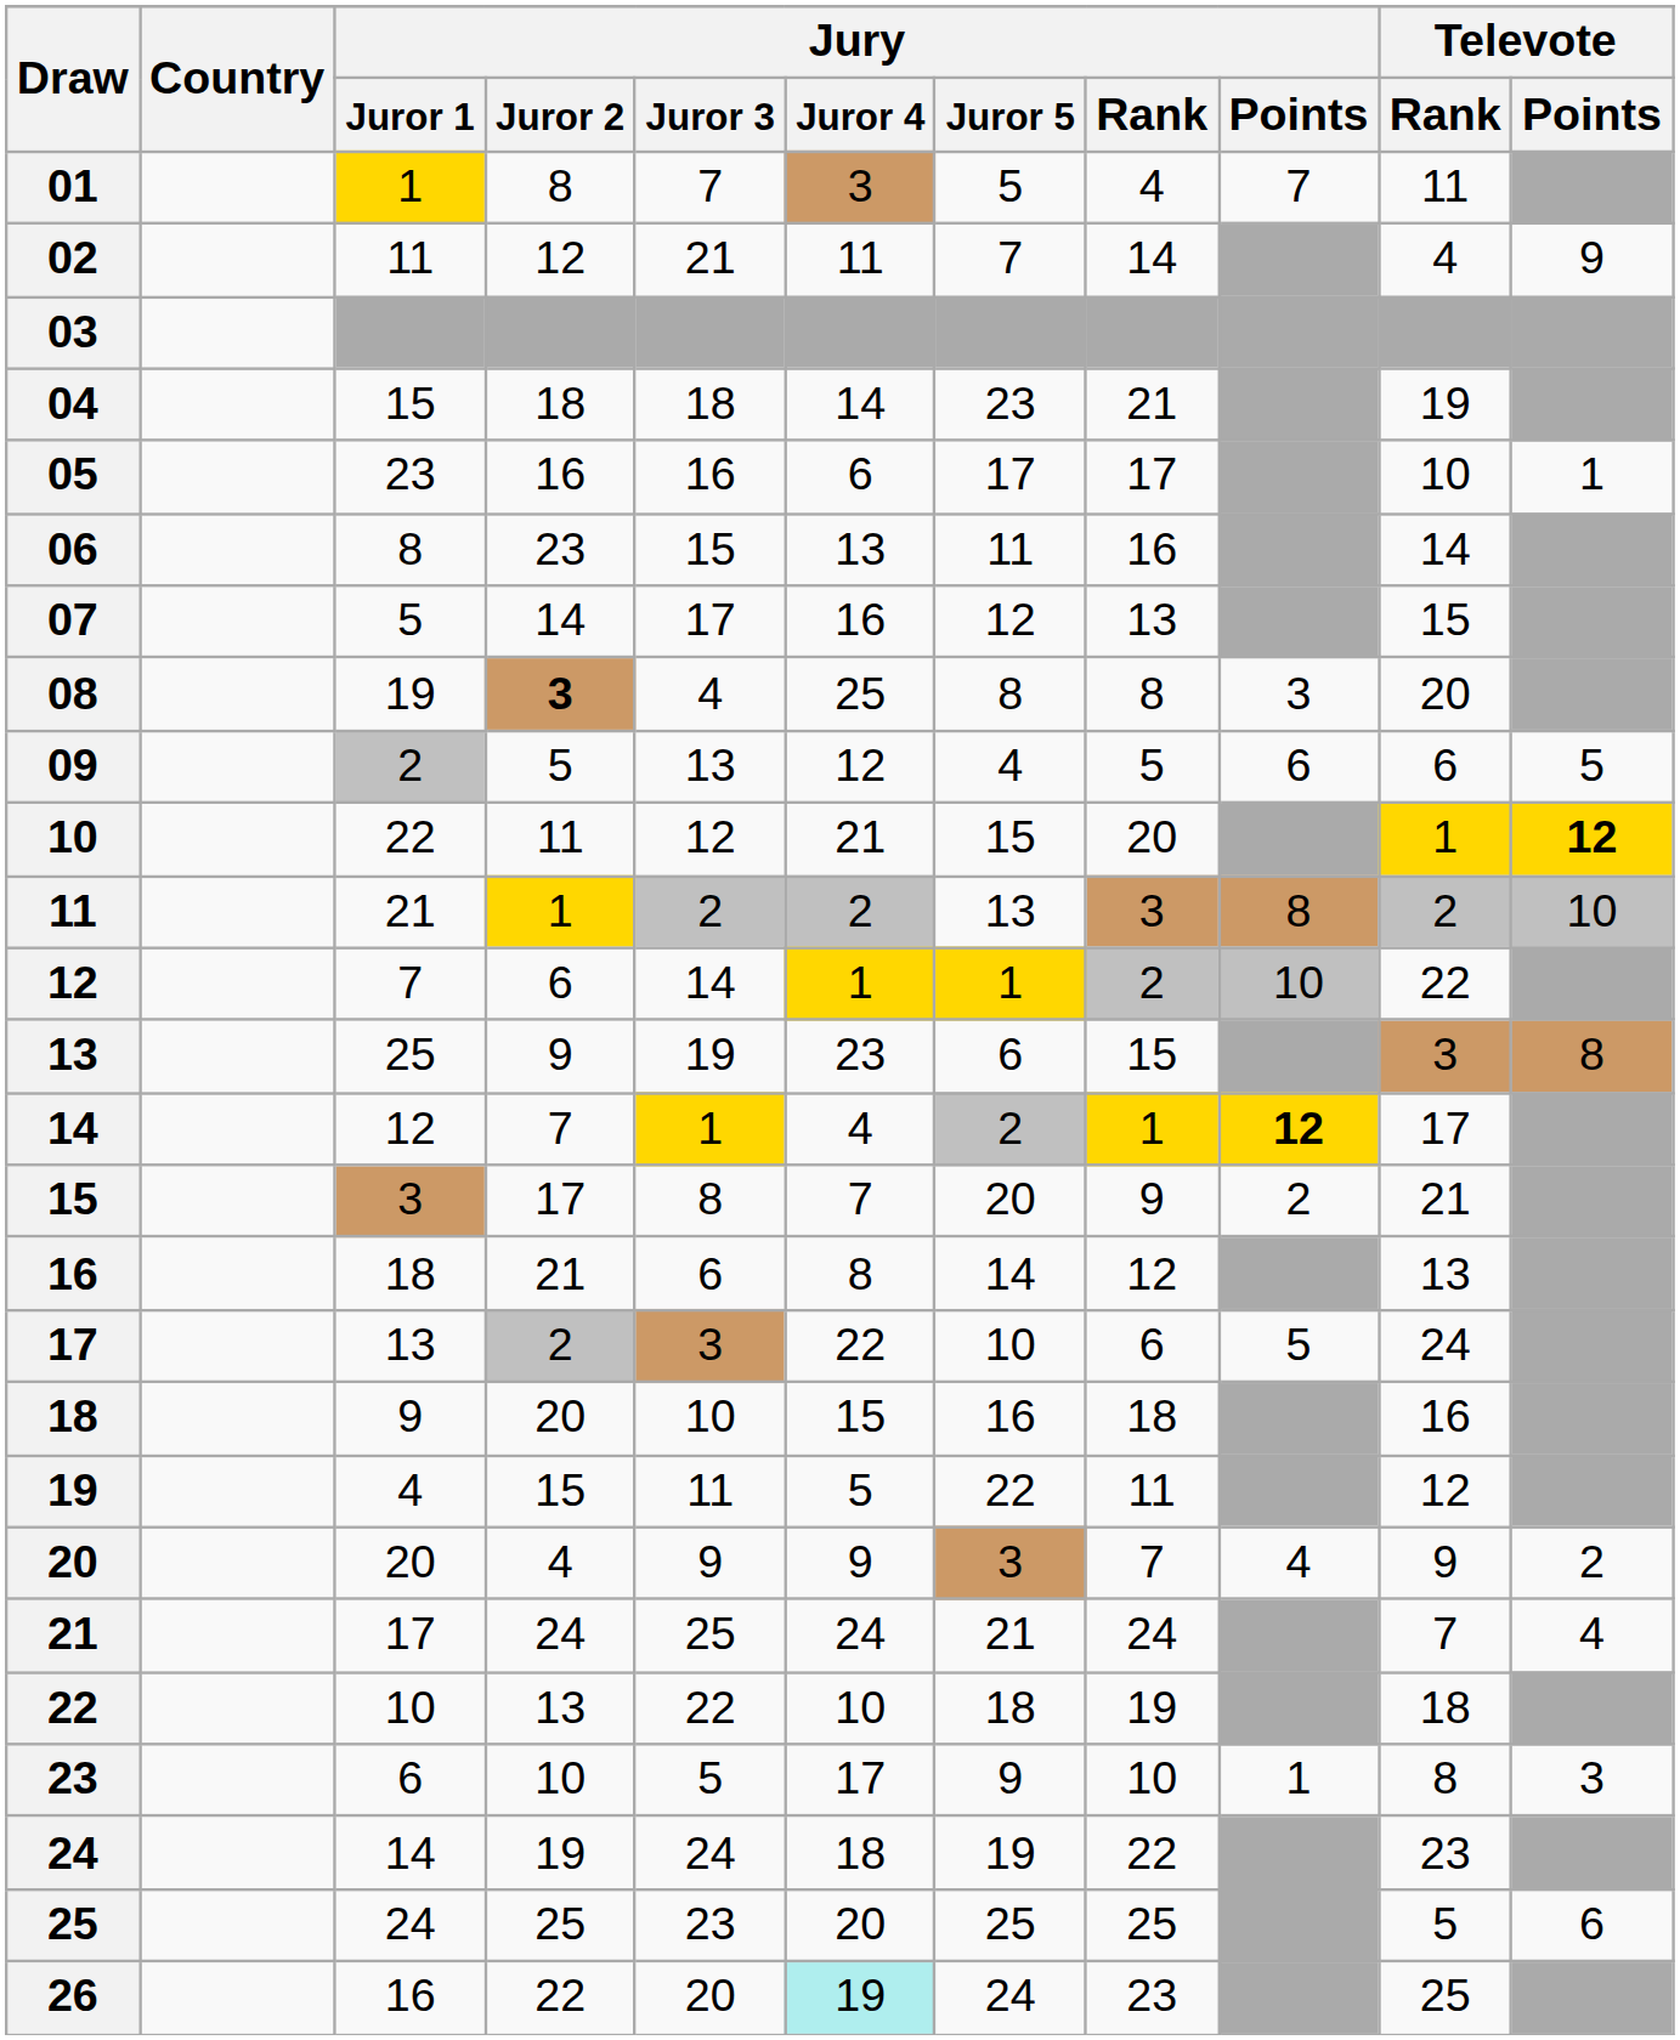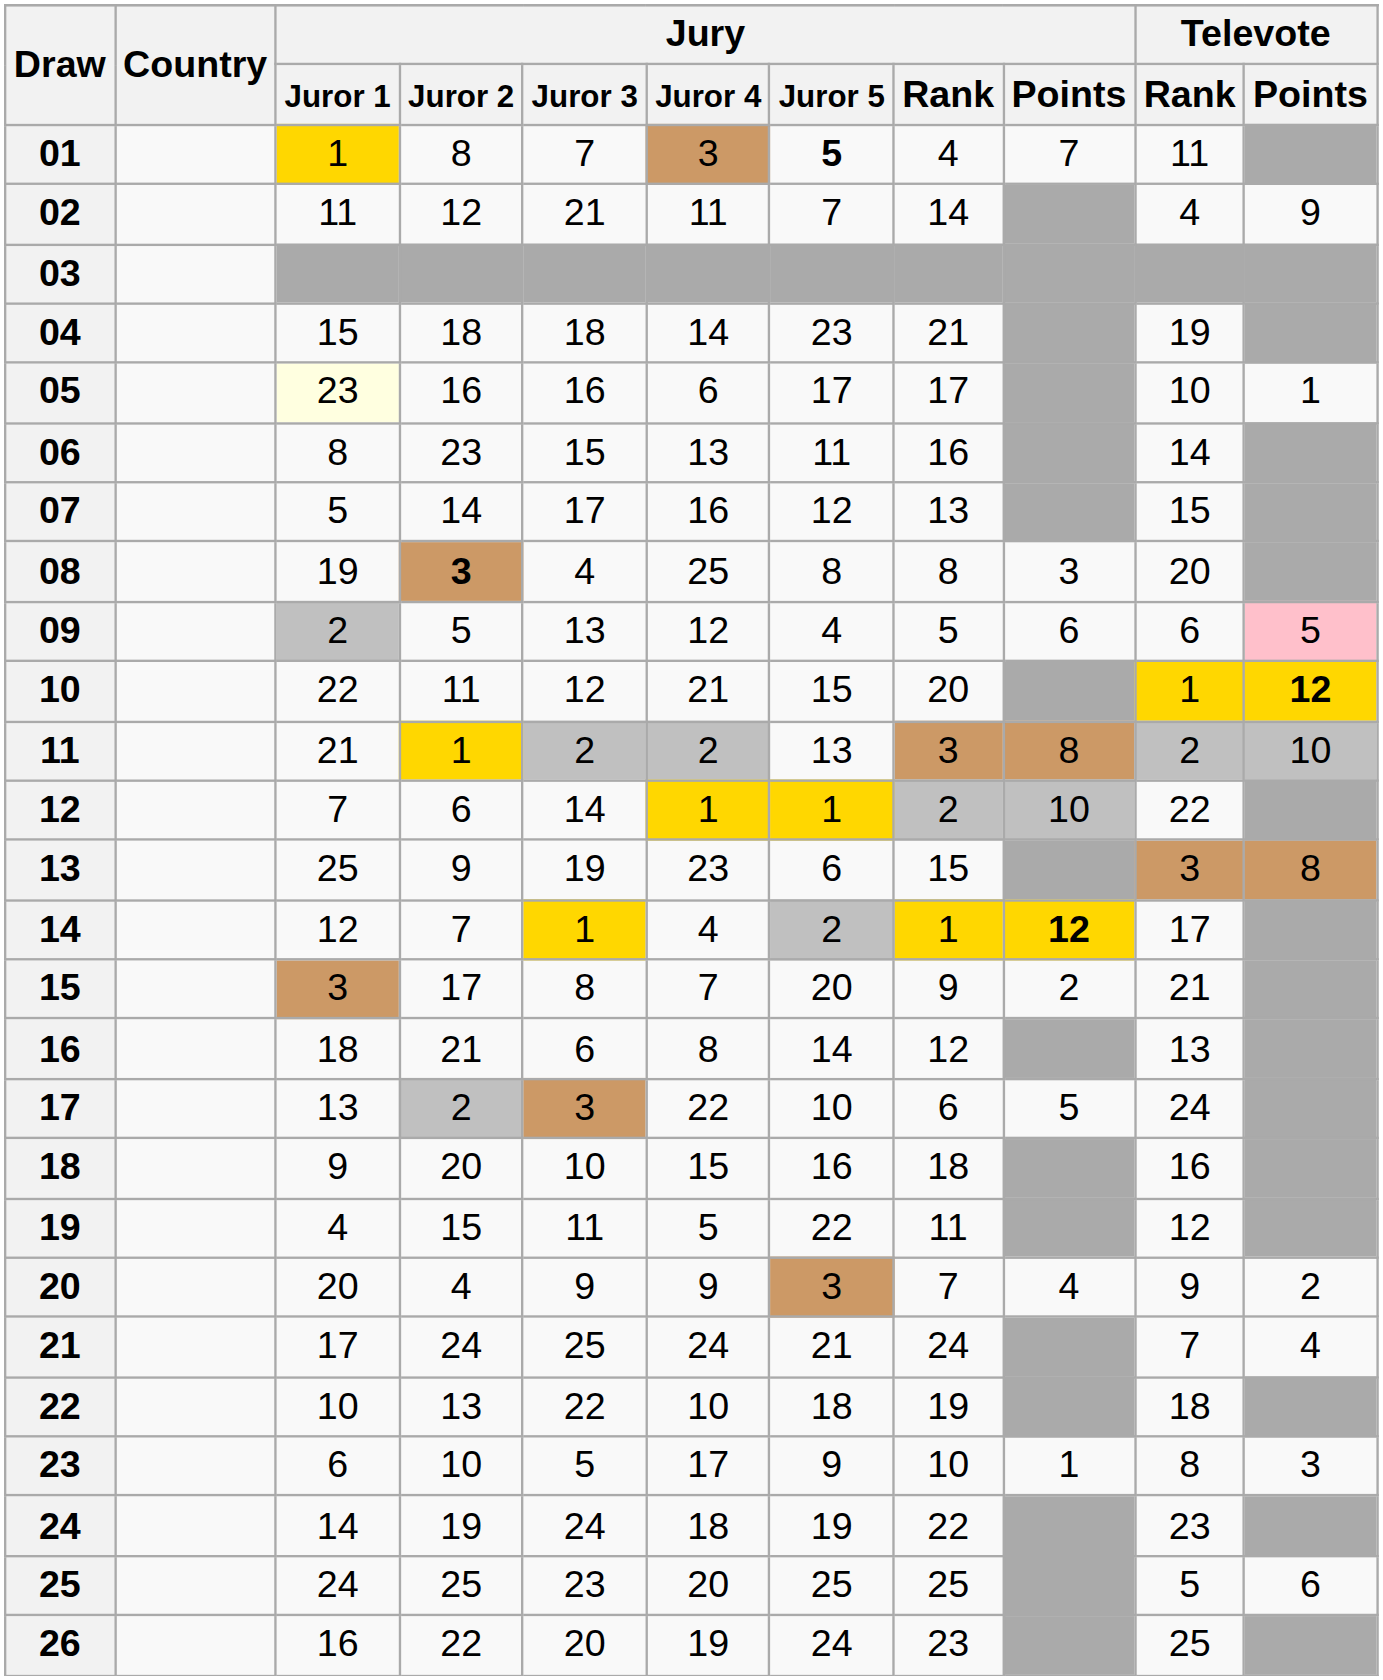 <table class="sortable wikitable collapsible plainrowheaders" style="text-align:center;">
 <tr>
 </tr>
 <tr>
 <th scope="col" rowspan="2">Draw</th>
 <th scope="col" rowspan="2">Country</th>
 <th scope="col" colspan="7">Jury</th>
 <th scope="col" colspan="2">Televote</th>
 </tr>
 <tr>
 <th scope="col"><small>Juror 1</small></th>
 <th scope="col"><small>Juror 2</small></th>
 <th scope="col"><small>Juror 3</small></th>
 <th scope="col"><small>Juror 4</small></th>
 <th scope="col"><small>Juror 5</small></th>
 <th scope="col">Rank</th>
 <th scope="col">Points</th>
 <th scope="col">Rank</th>
 <th scope="col">Points</th>
 </tr>
 <tr>
 <th scope="row" style="text-align:center;">01</th>
 <td style="text-align:left;"></td>
 <td style="background:gold;">1</td>
 <td>8</td>
 <td>7</td>
 <td style="background:#CC9966;">3</td>
-<td>5</td>
+<td><strong>5</strong></td>
 <td>4</td>
 <td>7</td>
 <td>11</td>
 <td style="background:#AAAAAA;"></td>
 </tr>
 <tr>
 <th scope="row" style="text-align:center;">02</th>
 <td style="text-align:left;"></td>
 <td>11</td>
 <td>12</td>
 <td>21</td>
 <td>11</td>
 <td>7</td>
 <td>14</td>
 <td style="background:#AAAAAA;"></td>
 <td>4</td>
 <td>9</td>
 </tr>
 <tr class="sortbottom">
 <th scope="row" style="text-align:center;">03</th>
 <td style="text-align:left;"></td>
 <td style="background:#AAAAAA;"></td>
 <td style="background:#AAAAAA;"></td>
 <td style="background:#AAAAAA;"></td>
 <td style="background:#AAAAAA;"></td>
 <td style="background:#AAAAAA;"></td>
 <td style="background:#AAAAAA;"></td>
 <td style="background:#AAAAAA;"></td>
 <td style="background:#AAAAAA;"></td>
 <td style="background:#AAAAAA;"></td>
 </tr>
 <tr>
 <th scope="row" style="text-align:center;">04</th>
 <td style="text-align:left;"></td>
 <td>15</td>
 <td>18</td>
 <td>18</td>
 <td>14</td>
 <td>23</td>
 <td>21</td>
 <td style="background:#AAAAAA;"></td>
 <td>19</td>
 <td style="background:#AAAAAA;"></td>
 </tr>
 <tr>
 <th scope="row" style="text-align:center;">05</th>
 <td style="text-align:left;"></td>
-<td>23</td>
+<td style="background: lightyellow;">23</td>
 <td>16</td>
 <td>16</td>
 <td>6</td>
 <td>17</td>
 <td>17</td>
 <td style="background:#AAAAAA;"></td>
 <td>10</td>
 <td>1</td>
 </tr>
 <tr>
 <th scope="row" style="text-align:center;">06</th>
 <td style="text-align:left;"></td>
 <td>8</td>
 <td>23</td>
 <td>15</td>
 <td>13</td>
 <td>11</td>
 <td>16</td>
 <td style="background:#AAAAAA;"></td>
 <td>14</td>
 <td style="background:#AAAAAA;"></td>
 </tr>
 <tr>
 <th scope="row" style="text-align:center;">07</th>
 <td style="text-align:left;"></td>
 <td>5</td>
 <td>14</td>
 <td>17</td>
 <td>16</td>
 <td>12</td>
 <td>13</td>
 <td style="background:#AAAAAA;"></td>
 <td>15</td>
 <td style="background:#AAAAAA;"></td>
 </tr>
 <tr>
 <th scope="row" style="text-align:center;">08</th>
 <td style="text-align:left;"></td>
 <td>19</td>
 <td style="background:#CC9966;"><strong>3</strong></td>
 <td>4</td>
 <td>25</td>
 <td>8</td>
 <td>8</td>
 <td>3</td>
 <td>20</td>
 <td style="background:#AAAAAA;"></td>
 </tr>
 <tr>
 <th scope="row" style="text-align:center;">09</th>
 <td style="text-align:left;"></td>
 <td style="background:silver;">2</td>
 <td>5</td>
 <td>13</td>
 <td>12</td>
 <td>4</td>
 <td>5</td>
 <td>6</td>
 <td>6</td>
-<td>5</td>
+<td style="background: pink;">5</td>
 </tr>
 <tr>
 <th scope="row" style="text-align:center;">10</th>
 <td style="text-align:left;"></td>
 <td>22</td>
 <td>11</td>
 <td>12</td>
 <td>21</td>
 <td>15</td>
 <td>20</td>
 <td style="background:#AAAAAA;"></td>
 <td style="background:gold;">1</td>
 <td style="background:gold;"><strong>12</strong></td>
 </tr>
 <tr>
 <th scope="row" style="text-align:center;">11</th>
 <td style="text-align:left;"></td>
 <td>21</td>
 <td style="background:gold;">1</td>
 <td style="background:silver;">2</td>
 <td style="background:silver;">2</td>
 <td>13</td>
 <td style="background:#CC9966;">3</td>
 <td style="background:#CC9966;">8</td>
 <td style="background:silver;">2</td>
 <td style="background:silver;">10</td>
 </tr>
 <tr>
 <th scope="row" style="text-align:center;">12</th>
 <td style="text-align:left;"></td>
 <td>7</td>
 <td>6</td>
 <td>14</td>
 <td style="background:gold;">1</td>
 <td style="background:gold;">1</td>
 <td style="background:silver;">2</td>
 <td style="background:silver;">10</td>
 <td>22</td>
 <td style="background:#AAAAAA;"></td>
 </tr>
 <tr>
 <th scope="row" style="text-align:center;">13</th>
 <td style="text-align:left;"></td>
 <td>25</td>
 <td>9</td>
 <td>19</td>
 <td>23</td>
 <td>6</td>
 <td>15</td>
 <td style="background:#AAAAAA;"></td>
 <td style="background:#CC9966;">3</td>
 <td style="background:#CC9966;">8</td>
 </tr>
 <tr>
 <th scope="row" style="text-align:center;">14</th>
 <td style="text-align:left;"></td>
 <td>12</td>
 <td>7</td>
 <td style="background:gold;">1</td>
 <td>4</td>
 <td style="background:silver;">2</td>
 <td style="background:gold;">1</td>
 <td style="background:gold;"><strong>12</strong></td>
 <td>17</td>
 <td style="background:#AAAAAA;"></td>
 </tr>
 <tr>
 <th scope="row" style="text-align:center;">15</th>
 <td style="text-align:left;"></td>
 <td style="background:#CC9966;">3</td>
 <td>17</td>
 <td>8</td>
 <td>7</td>
 <td>20</td>
 <td>9</td>
 <td>2</td>
 <td>21</td>
 <td style="background:#AAAAAA;"></td>
 </tr>
 <tr>
 <th scope="row" style="text-align:center;">16</th>
 <td style="text-align:left;"></td>
 <td>18</td>
 <td>21</td>
 <td>6</td>
 <td>8</td>
 <td>14</td>
 <td>12</td>
 <td style="background:#AAAAAA;"></td>
 <td>13</td>
 <td style="background:#AAAAAA;"></td>
 </tr>
 <tr>
 <th scope="row" style="text-align:center;">17</th>
 <td style="text-align:left;"></td>
 <td>13</td>
 <td style="background:silver;">2</td>
 <td style="background:#CC9966;">3</td>
 <td>22</td>
 <td>10</td>
 <td>6</td>
 <td>5</td>
 <td>24</td>
 <td style="background:#AAAAAA;"></td>
 </tr>
 <tr>
 <th scope="row" style="text-align:center;">18</th>
 <td style="text-align:left;"></td>
 <td>9</td>
 <td>20</td>
 <td>10</td>
 <td>15</td>
 <td>16</td>
 <td>18</td>
 <td style="background:#AAAAAA;"></td>
 <td>16</td>
 <td style="background:#AAAAAA;"></td>
 </tr>
 <tr>
 <th scope="row" style="text-align:center;">19</th>
 <td style="text-align:left;"></td>
 <td>4</td>
 <td>15</td>
 <td>11</td>
 <td>5</td>
 <td>22</td>
 <td>11</td>
 <td style="background:#AAAAAA;"></td>
 <td>12</td>
 <td style="background:#AAAAAA;"></td>
 </tr>
 <tr>
 <th scope="row" style="text-align:center;">20</th>
 <td style="text-align:left;"></td>
 <td>20</td>
 <td>4</td>
 <td>9</td>
 <td>9</td>
 <td style="background:#CC9966;">3</td>
 <td>7</td>
 <td>4</td>
 <td>9</td>
 <td>2</td>
 </tr>
 <tr>
 <th scope="row" style="text-align:center;">21</th>
 <td style="text-align:left;"></td>
 <td>17</td>
 <td>24</td>
 <td>25</td>
 <td>24</td>
 <td>21</td>
 <td>24</td>
 <td style="background:#AAAAAA;"></td>
 <td>7</td>
 <td>4</td>
 </tr>
 <tr>
 <th scope="row" style="text-align:center;">22</th>
 <td style="text-align:left;"></td>
 <td>10</td>
 <td>13</td>
 <td>22</td>
 <td>10</td>
 <td>18</td>
 <td>19</td>
 <td style="background:#AAAAAA;"></td>
 <td>18</td>
 <td style="background:#AAAAAA;"></td>
 </tr>
 <tr>
 <th scope="row" style="text-align:center;">23</th>
 <td style="text-align:left;"></td>
 <td>6</td>
 <td>10</td>
 <td>5</td>
 <td>17</td>
 <td>9</td>
 <td>10</td>
 <td>1</td>
 <td>8</td>
 <td>3</td>
 </tr>
 <tr>
 <th scope="row" style="text-align:center;">24</th>
 <td style="text-align:left;"></td>
 <td>14</td>
 <td>19</td>
 <td>24</td>
 <td>18</td>
 <td>19</td>
 <td>22</td>
 <td style="background:#AAAAAA;"></td>
 <td>23</td>
 <td style="background:#AAAAAA;"></td>
 </tr>
 <tr>
 <th scope="row" style="text-align:center;">25</th>
 <td style="text-align:left;"></td>
 <td>24</td>
 <td>25</td>
 <td>23</td>
 <td>20</td>
 <td>25</td>
 <td>25</td>
 <td style="background:#AAAAAA;"></td>
 <td>5</td>
 <td>6</td>
 </tr>
 <tr>
 <th scope="row" style="text-align:center;">26</th>
 <td style="text-align:left;"></td>
 <td>16</td>
 <td>22</td>
 <td>20</td>
-<td style="background: paleturquoise;">19</td>
+<td>19</td>
 <td>24</td>
 <td>23</td>
 <td style="background:#AAAAAA;"></td>
 <td>25</td>
 <td style="background:#AAAAAA;"></td>
 </tr>
 </table>
